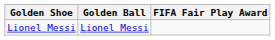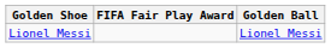 <table class=wikitable style="text-align:center; margin:auto">
 <tr>
 <th>Golden Shoe</th>
+<th>FIFA Fair Play Award</th>
 <th>Golden Ball</th>
-<th>FIFA Fair Play Award</th>
 </tr>
 <tr>
 <td> <a href='#'>Lionel Messi</a></td>
+<td></td>
 <td> <a href='#'>Lionel Messi</a></td>
-<td></td>
 </tr>
 </table>
